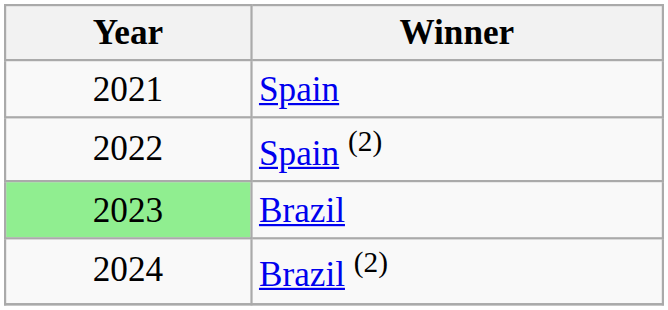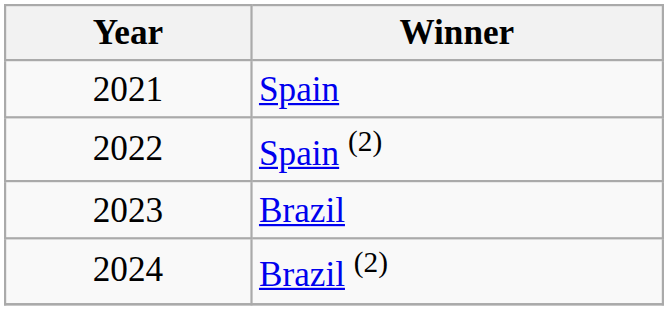 <table class="wikitable" style="width:300px;">
 <tr>
 <th>Year</th>
 <th>Winner</th>
 </tr>
 <tr>
 <td align=center>2021</td>
 <td> <a href='#'>Spain</a></td>
 </tr>
 <tr>
 <td align=center>2022</td>
 <td> <a href='#'>Spain</a> <sup>(2)</sup></td>
 </tr>
 <tr>
-<td align=center style="background: lightgreen;">2023</td>
+<td align=center>2023</td>
 <td> <a href='#'>Brazil</a></td>
 </tr>
 <tr>
 <td align=center>2024</td>
 <td> <a href='#'>Brazil</a> <sup>(2)</sup></td>
 </tr>
 <tr>
 </tr>
 </table>
